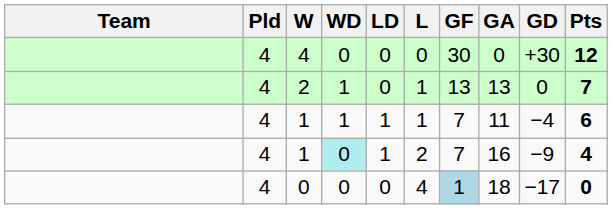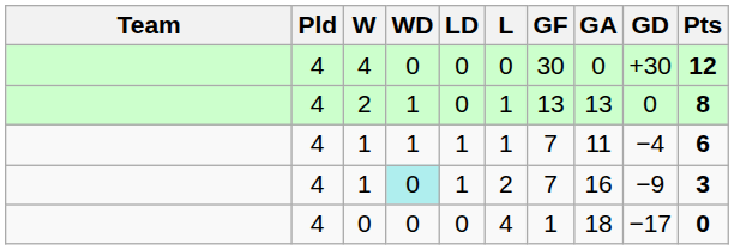 <table class="wikitable" style="text-align:center">
 <tr>
 <th width=175>Team</th>
 <th width=20>Pld</th>
 <th width=20>W</th>
 <th width=20>WD</th>
 <th width=20>LD</th>
 <th width=20>L</th>
 <th width=20>GF</th>
 <th width=20>GA</th>
 <th width=20>GD</th>
 <th width=20>Pts</th>
 </tr>
 <tr bgcolor=ccffcc>
 <td align=left></td>
 <td>4</td>
 <td>4</td>
 <td>0</td>
 <td>0</td>
 <td>0</td>
 <td>30</td>
 <td>0</td>
 <td>+30</td>
 <td><strong>12</strong></td>
 </tr>
 <tr bgcolor=ccffcc>
 <td align=left></td>
 <td>4</td>
 <td>2</td>
 <td>1</td>
 <td>0</td>
 <td>1</td>
 <td>13</td>
 <td>13</td>
 <td>0</td>
-<td><strong>7</strong></td>
+<td><strong>8</strong></td>
 </tr>
 <tr>
 <td align=left></td>
 <td>4</td>
 <td>1</td>
 <td>1</td>
 <td>1</td>
 <td>1</td>
 <td>7</td>
 <td>11</td>
 <td>−4</td>
 <td><strong>6</strong></td>
 </tr>
 <tr>
 <td align=left></td>
 <td>4</td>
 <td>1</td>
 <td style="background: paleturquoise;">0</td>
 <td>1</td>
 <td>2</td>
 <td>7</td>
 <td>16</td>
 <td>−9</td>
-<td><strong>4</strong></td>
+<td><strong>3</strong></td>
 </tr>
 <tr>
 <td align=left></td>
 <td>4</td>
 <td>0</td>
 <td>0</td>
 <td>0</td>
 <td>4</td>
-<td style="background: lightblue;">1</td>
+<td>1</td>
 <td>18</td>
 <td>−17</td>
 <td><strong>0</strong></td>
 </tr>
 </table>
